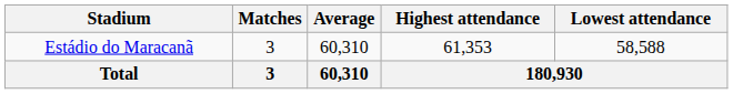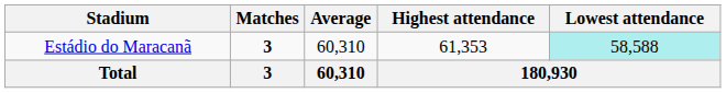 <table class="wikitable plainrowheaders sortable" style="text-align:center">
 <tr>
 <th scope="col" ! style="width:200px;">Stadium</th>
 <th scope="col" ! style="width:60px;">Matches</th>
 <th scope="col" ! style="width:60px;">Average</th>
 <th scope="col" ! style="width:150px;">Highest attendance</th>
 <th scope="col" ! style="width:150px;">Lowest attendance</th>
 </tr>
 <tr>
 <td><a href='#'>Estádio do Maracanã</a></td>
-<td>3</td>
+<td><strong>3</strong></td>
 <td>60,310</td>
 <td>61,353</td>
-<td>58,588</td>
+<td style="background: paleturquoise;">58,588</td>
 </tr>
 <tr>
 <th>Total</th>
 <th>3</th>
 <th>60,310</th>
 <th colspan=3>180,930</th>
 </tr>
 </table>
